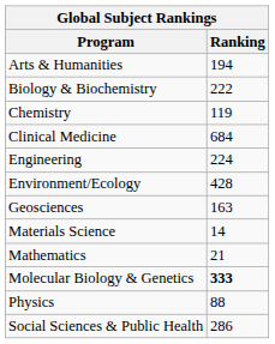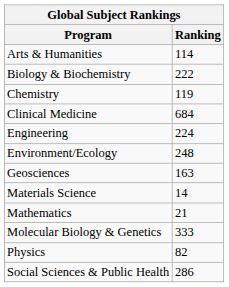 <table class="wikitable sortable collapsible collapsed" style="float:right" "text-align:center">
 <tr>
 <th colspan=4>Global Subject Rankings</th>
 </tr>
 <tr>
 <th>Program</th>
 <th>Ranking</th>
 </tr>
 <tr>
 <td>Arts & Humanities</td>
-<td>194</td>
+<td>114</td>
 </tr>
 <tr>
 <td>Biology & Biochemistry</td>
 <td>222</td>
 </tr>
 <tr>
 <td>Chemistry</td>
 <td>119</td>
 </tr>
 <tr>
 <td>Clinical Medicine</td>
 <td>684</td>
 </tr>
 <tr>
 <td>Engineering</td>
 <td>224</td>
 </tr>
 <tr>
 <td>Environment/Ecology</td>
-<td>428</td>
+<td>248</td>
 </tr>
 <tr>
 <td>Geosciences</td>
 <td>163</td>
 </tr>
 <tr>
 <td>Materials Science</td>
 <td>14</td>
 </tr>
 <tr>
 <td>Mathematics</td>
 <td>21</td>
 </tr>
 <tr>
 <td>Molecular Biology & Genetics</td>
-<td><strong>333</strong></td>
+<td>333</td>
 </tr>
 <tr>
 <td>Physics</td>
-<td>88</td>
+<td>82</td>
 </tr>
 <tr>
 <td>Social Sciences & Public Health</td>
 <td>286</td>
 </tr>
 </table>
